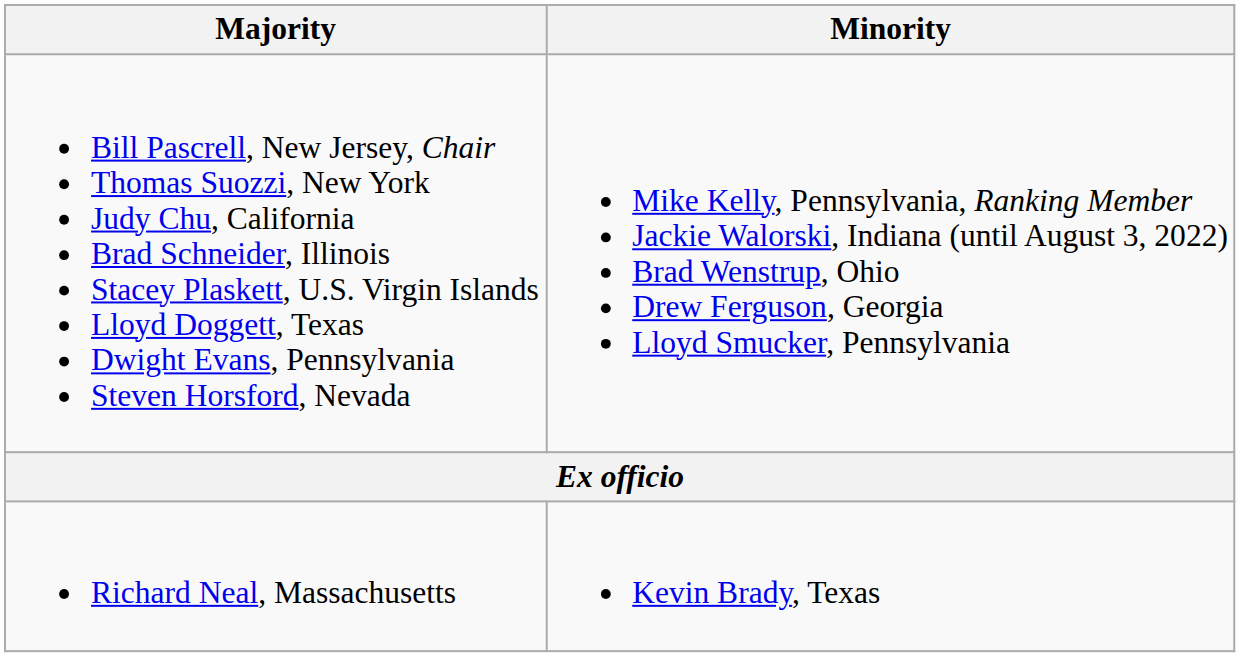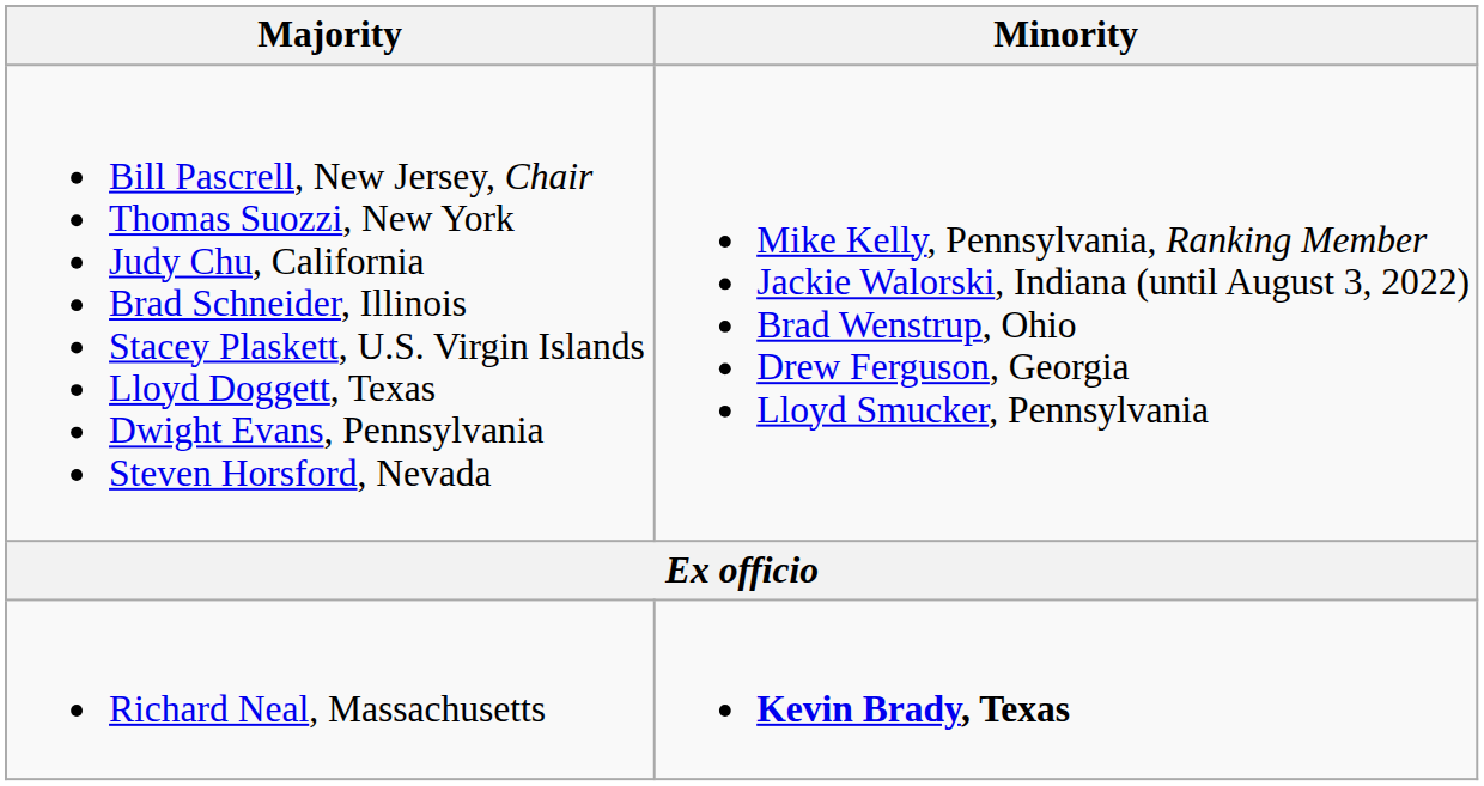 <table class=wikitable>
 <tr>
 <th>Majority</th>
 <th>Minority</th>
 </tr>
 <tr>
 <td><br><ul><li><a href='#'>Bill Pascrell</a>, New Jersey, <em>Chair</em></li><li><a href='#'>Thomas Suozzi</a>, New York</li><li><a href='#'>Judy Chu</a>, California</li><li><a href='#'>Brad Schneider</a>, Illinois</li><li><a href='#'>Stacey Plaskett</a>, U.S. Virgin Islands</li><li><a href='#'>Lloyd Doggett</a>, Texas</li><li><a href='#'>Dwight Evans</a>, Pennsylvania</li><li><a href='#'>Steven Horsford</a>, Nevada</li></ul></td>
 <td><br><ul><li><a href='#'>Mike Kelly</a>, Pennsylvania, <em>Ranking Member</em></li><li><a href='#'>Jackie Walorski</a>, Indiana (until August 3, 2022)</li><li><a href='#'>Brad Wenstrup</a>, Ohio</li><li><a href='#'>Drew Ferguson</a>, Georgia</li><li><a href='#'>Lloyd Smucker</a>, Pennsylvania</li></ul></td>
 </tr>
 <tr>
 <th colspan=2><em>Ex officio</em></th>
 </tr>
 <tr>
 <td><br><ul><li><a href='#'>Richard Neal</a>, Massachusetts</li></ul></td>
-<td><br><ul><li><a href='#'>Kevin Brady</a>, Texas</li></ul></td>
+<td><strong><br><ul><li><a href='#'>Kevin Brady</a>, Texas</li></ul></strong></td>
 </tr>
 </table>
